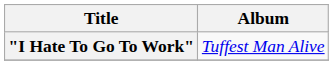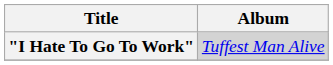 <table class="wikitable plainrowheaders" style="text-align:center;">
 <tr>
 <th scope="col">Title</th>
 <th scope="com">Album</th>
 </tr>
 <tr>
 <th scope="row">"I Hate To Go To Work"</th>
-<td><em><a href='#'>Tuffest Man Alive</a></em></td>
+<td style="background: lightgrey;"><em><a href='#'>Tuffest Man Alive</a></em></td>
 </tr>
 <tr>
 </tr>
 </table>
